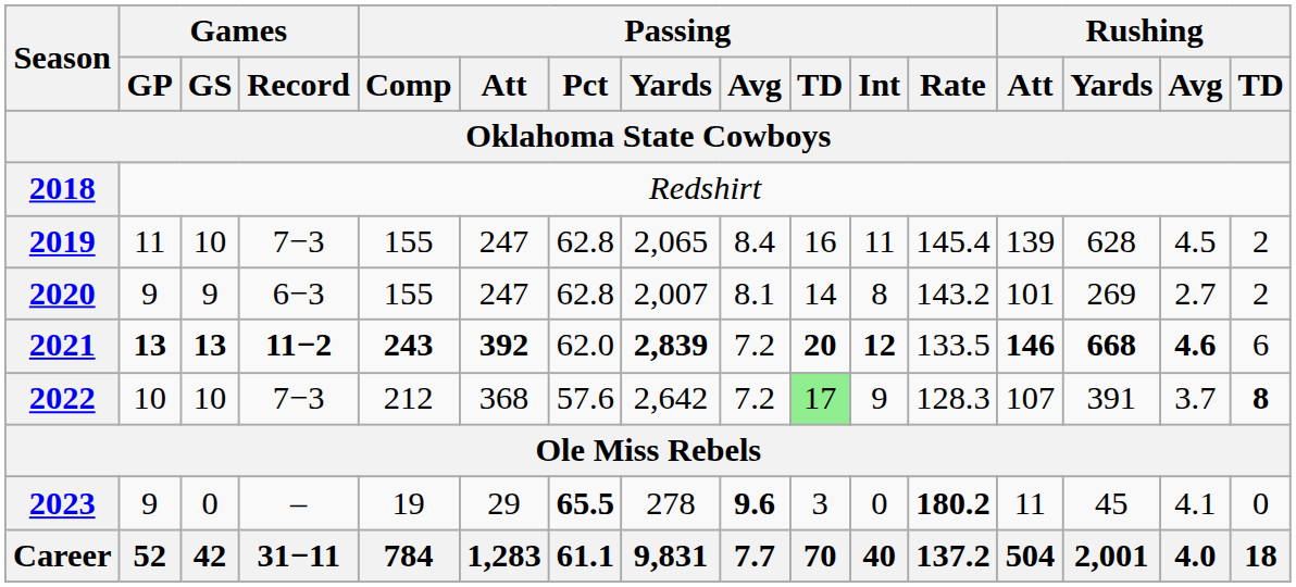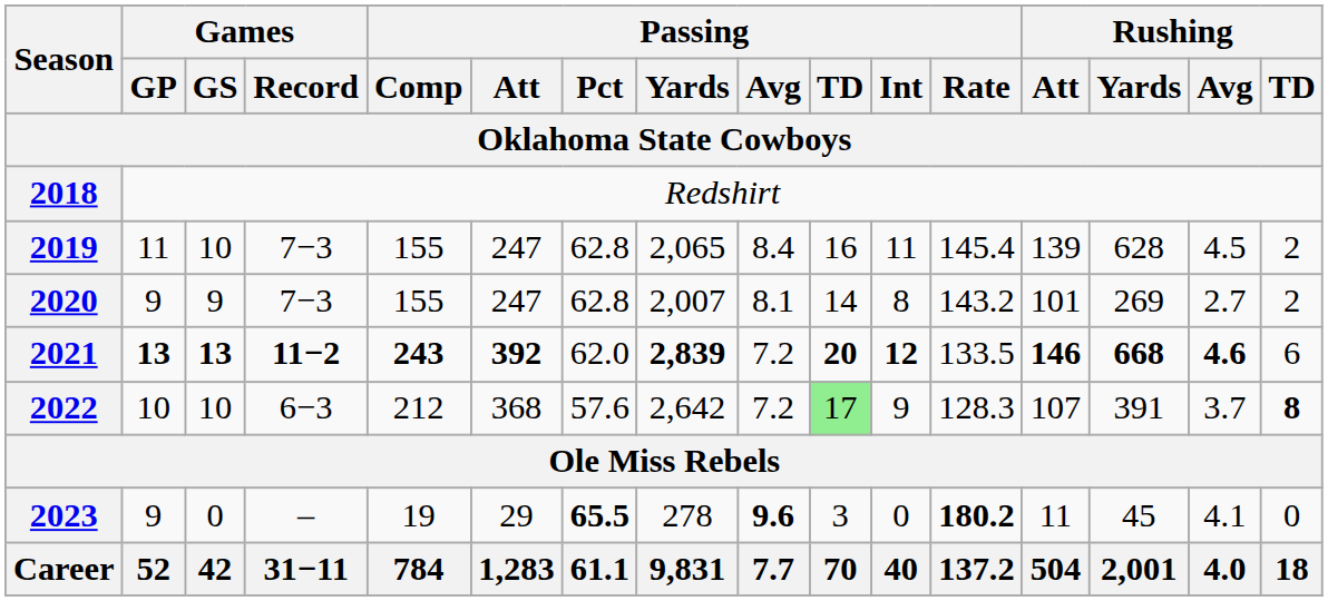 <table class="wikitable" style="text-align:center;">
 <tr>
 <th rowspan="2">Season</th>
 <th colspan="3">Games</th>
 <th colspan="8">Passing</th>
 <th colspan="5">Rushing</th>
 </tr>
 <tr>
 <th>GP</th>
 <th>GS</th>
 <th>Record</th>
 <th>Comp</th>
 <th>Att</th>
 <th>Pct</th>
 <th>Yards</th>
 <th>Avg</th>
 <th>TD</th>
 <th>Int</th>
 <th>Rate</th>
 <th>Att</th>
 <th>Yards</th>
 <th>Avg</th>
 <th>TD</th>
 </tr>
 <tr>
 <th colspan="16">Oklahoma State Cowboys</th>
 </tr>
 <tr>
 <th><a href='#'>2018</a></th>
 <td colspan="15"><em>Redshirt </em></td>
 </tr>
 <tr>
 <th><a href='#'>2019</a></th>
 <td>11</td>
 <td>10</td>
 <td>7−3</td>
 <td>155</td>
 <td>247</td>
 <td>62.8</td>
 <td>2,065</td>
 <td>8.4</td>
 <td>16</td>
 <td>11</td>
 <td>145.4</td>
 <td>139</td>
 <td>628</td>
 <td>4.5</td>
 <td>2</td>
 </tr>
 <tr>
 <th><a href='#'>2020</a></th>
 <td>9</td>
 <td>9</td>
-<td>6−3</td>
+<td>7−3</td>
 <td>155</td>
 <td>247</td>
 <td>62.8</td>
 <td>2,007</td>
 <td>8.1</td>
 <td>14</td>
 <td>8</td>
 <td>143.2</td>
 <td>101</td>
 <td>269</td>
 <td>2.7</td>
 <td>2</td>
 </tr>
 <tr>
 <th><a href='#'>2021</a></th>
 <td><strong>13</strong></td>
 <td><strong>13</strong></td>
 <td><strong>11−2</strong></td>
 <td><strong>243</strong></td>
 <td><strong>392</strong></td>
 <td>62.0</td>
 <td><strong>2,839</strong></td>
 <td>7.2</td>
 <td><strong>20</strong></td>
 <td><strong>12</strong></td>
 <td>133.5</td>
 <td><strong>146</strong></td>
 <td><strong>668</strong></td>
 <td><strong>4.6</strong></td>
 <td>6</td>
 </tr>
 <tr>
 <th><a href='#'>2022</a></th>
 <td>10</td>
 <td>10</td>
-<td>7−3</td>
+<td>6−3</td>
 <td>212</td>
 <td>368</td>
 <td>57.6</td>
 <td>2,642</td>
 <td>7.2</td>
 <td style="background: lightgreen;">17</td>
 <td>9</td>
 <td>128.3</td>
 <td>107</td>
 <td>391</td>
 <td>3.7</td>
 <td><strong>8</strong></td>
 </tr>
 <tr>
 <th colspan="16">Ole Miss Rebels</th>
 </tr>
 <tr>
 <th><a href='#'>2023</a></th>
 <td>9</td>
 <td>0</td>
 <td>–</td>
 <td>19</td>
 <td>29</td>
 <td><strong>65.5</strong></td>
 <td>278</td>
 <td><strong>9.6</strong></td>
 <td>3</td>
 <td>0</td>
 <td><strong>180.2</strong></td>
 <td>11</td>
 <td>45</td>
 <td>4.1</td>
 <td>0</td>
 </tr>
 <tr>
 <th>Career</th>
 <th>52</th>
 <th>42</th>
 <th>31−11</th>
 <th>784</th>
 <th>1,283</th>
 <th>61.1</th>
 <th>9,831</th>
 <th>7.7</th>
 <th>70</th>
 <th>40</th>
 <th>137.2</th>
 <th>504</th>
 <th>2,001</th>
 <th>4.0</th>
 <th>18</th>
 </tr>
 </table>
